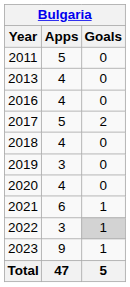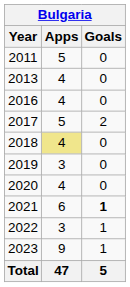 <table class="wikitable" style="text-align:center">
 <tr>
 <th colspan=3><a href='#'>Bulgaria</a></th>
 </tr>
 <tr>
 <th>Year</th>
 <th>Apps</th>
 <th>Goals</th>
 </tr>
 <tr>
 <td>2011</td>
 <td>5</td>
 <td>0</td>
 </tr>
 <tr>
 <td>2013</td>
 <td>4</td>
 <td>0</td>
 </tr>
 <tr>
 <td>2016</td>
 <td>4</td>
 <td>0</td>
 </tr>
 <tr>
 <td>2017</td>
 <td>5</td>
 <td>2</td>
 </tr>
 <tr>
 <td>2018</td>
-<td>4</td>
+<td style="background: khaki;">4</td>
 <td>0</td>
 </tr>
 <tr>
 <td>2019</td>
 <td>3</td>
 <td>0</td>
 </tr>
 <tr>
 <td>2020</td>
 <td>4</td>
 <td>0</td>
 </tr>
 <tr>
 <td>2021</td>
 <td>6</td>
-<td>1</td>
+<td><strong>1</strong></td>
 </tr>
 <tr>
 <td>2022</td>
 <td>3</td>
-<td style="background: lightgrey;">1</td>
+<td>1</td>
 </tr>
 <tr>
 <td>2023</td>
 <td>9</td>
 <td>1</td>
 </tr>
 <tr>
 <th>Total</th>
 <th>47</th>
 <th>5</th>
 </tr>
 </table>
